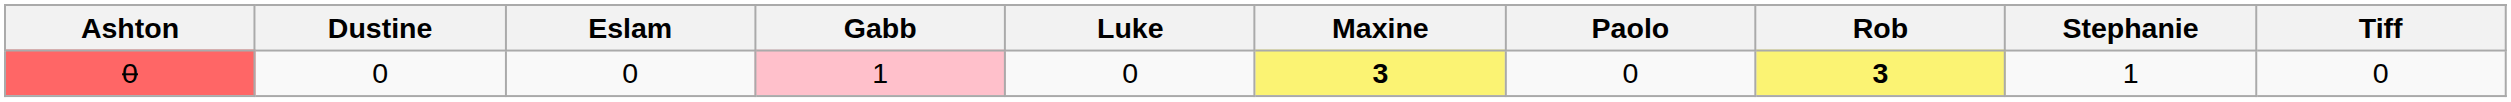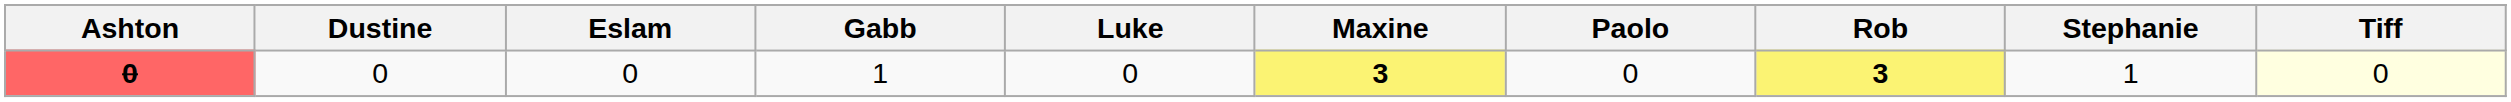 <table class="wikitable" style="width:100%; text-align:center; font-size:90%; line-height:16px;">
 <tr>
 </tr>
 <tr>
 <th width="10%">Ashton</th>
 <th width="10%">Dustine</th>
 <th width="10%">Eslam</th>
 <th width="10%">Gabb</th>
 <th width="10%">Luke</th>
 <th width="10%">Maxine</th>
 <th width="10%">Paolo</th>
 <th width="10%">Rob</th>
 <th width="10%">Stephanie</th>
 <th width="10%">Tiff</th>
 </tr>
 <tr>
-<td style="background:#FF6666;"><s>0</s></td>
+<td style="background:#FF6666;"><strong><s>0</s></strong></td>
 <td>0</td>
 <td>0</td>
-<td style="background: pink;">1</td>
+<td>1</td>
 <td>0</td>
 <td style="background:#FBF373;"><strong>3</strong></td>
 <td>0</td>
 <td style="background:#FBF373;"><strong>3</strong></td>
 <td>1</td>
-<td>0</td>
+<td style="background: lightyellow;">0</td>
 </tr>
 </table>
